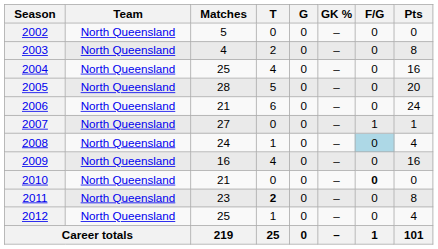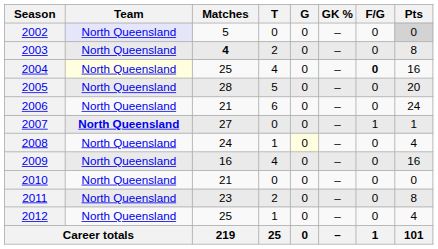 <table class="wikitable sortable"  style="font-size:90%; text-align:center; width:85%;">
 <tr>
 <th width=2%>Season</th>
 <th width=8%>Team</th>
 <th width=2%>Matches</th>
 <th width=2%>T</th>
 <th width=2%>G</th>
 <th width=2%>GK %</th>
 <th width=2%>F/G</th>
 <th width=2%>Pts</th>
 </tr>
 <tr>
 <th scope="row" style="text-align:center; font-weight:normal"><a href='#'>2002</a></th>
-<td style="text-align:center;"> <a href='#'>North Queensland</a></td>
+<td style="background: lavender; text-align:center;"> <a href='#'>North Queensland</a></td>
 <td>5</td>
 <td>0</td>
 <td>0</td>
 <td>–</td>
 <td>0</td>
-<td>0</td>
+<td style="background: lightgrey;">0</td>
 </tr>
 <tr style="background-color: #EAEAEA">
 <th scope="row" style="text-align:center; font-weight:normal"><a href='#'>2003</a></th>
 <td style="text-align:center;"> <a href='#'>North Queensland</a></td>
-<td>4</td>
+<td><strong>4</strong></td>
 <td>2</td>
 <td>0</td>
 <td>–</td>
 <td>0</td>
 <td>8</td>
 </tr>
 <tr>
 <th scope="row" style="text-align:center; font-weight:normal"><a href='#'>2004</a></th>
-<td style="text-align:center;"> <a href='#'>North Queensland</a></td>
+<td style="background: lightyellow; text-align:center;"> <a href='#'>North Queensland</a></td>
 <td>25</td>
 <td>4</td>
 <td>0</td>
 <td>–</td>
-<td>0</td>
+<td><strong>0</strong></td>
 <td>16</td>
 </tr>
 <tr style="background-color: #EAEAEA">
 <th scope="row" style="text-align:center; font-weight:normal"><a href='#'>2005</a></th>
 <td style="text-align:center;"> <a href='#'>North Queensland</a></td>
 <td>28</td>
 <td>5</td>
 <td>0</td>
 <td>–</td>
 <td>0</td>
 <td>20</td>
 </tr>
 <tr>
 <th scope="row" style="text-align:center; font-weight:normal"><a href='#'>2006</a></th>
 <td style="text-align:center;"> <a href='#'>North Queensland</a></td>
 <td>21</td>
 <td>6</td>
 <td>0</td>
 <td>–</td>
 <td>0</td>
 <td>24</td>
 </tr>
 <tr style="background-color: #EAEAEA">
 <th scope="row" style="text-align:center; font-weight:normal"><a href='#'>2007</a></th>
-<td style="text-align:center;"> <a href='#'>North Queensland</a></td>
+<td style="text-align:center;"><strong> <a href='#'>North Queensland</a></strong></td>
 <td>27</td>
 <td>0</td>
 <td>0</td>
 <td>–</td>
 <td>1</td>
 <td>1</td>
 </tr>
 <tr>
 <th scope="row" style="text-align:center; font-weight:normal"><a href='#'>2008</a></th>
 <td style="text-align:center;"> <a href='#'>North Queensland</a></td>
 <td>24</td>
 <td>1</td>
+<td style="background: lightyellow;">0</td>
+<td>–</td>
 <td>0</td>
-<td>–</td>
-<td style="background: lightblue;">0</td>
 <td>4</td>
 </tr>
 <tr style="background-color: #EAEAEA">
 <th scope="row" style="text-align:center; font-weight:normal"><a href='#'>2009</a></th>
 <td style="text-align:center;"> <a href='#'>North Queensland</a></td>
 <td>16</td>
 <td>4</td>
 <td>0</td>
 <td>–</td>
 <td>0</td>
 <td>16</td>
 </tr>
 <tr>
 <th scope="row" style="text-align:center; font-weight:normal"><a href='#'>2010</a></th>
 <td style="text-align:center;"> <a href='#'>North Queensland</a></td>
 <td>21</td>
 <td>0</td>
 <td>0</td>
 <td>–</td>
-<td><strong>0</strong></td>
+<td>0</td>
 <td>0</td>
 </tr>
 <tr style="background-color: #EAEAEA">
 <th scope="row" style="text-align:center; font-weight:normal"><a href='#'>2011</a></th>
 <td style="text-align:center;"> <a href='#'>North Queensland</a></td>
 <td>23</td>
-<td><strong>2</strong></td>
+<td>2</td>
 <td>0</td>
 <td>–</td>
 <td>0</td>
 <td>8</td>
 </tr>
 <tr>
 <th scope="row" style="text-align:center; font-weight:normal"><a href='#'>2012</a></th>
 <td style="text-align:center;"> <a href='#'>North Queensland</a></td>
 <td>25</td>
 <td>1</td>
 <td>0</td>
 <td>–</td>
 <td>0</td>
 <td>4</td>
 </tr>
 <tr class="sortbottom">
 <th colspan=2>Career totals</th>
 <th>219</th>
 <th>25</th>
 <th>0</th>
 <th>–</th>
 <th>1</th>
 <th>101</th>
 </tr>
 </table>
